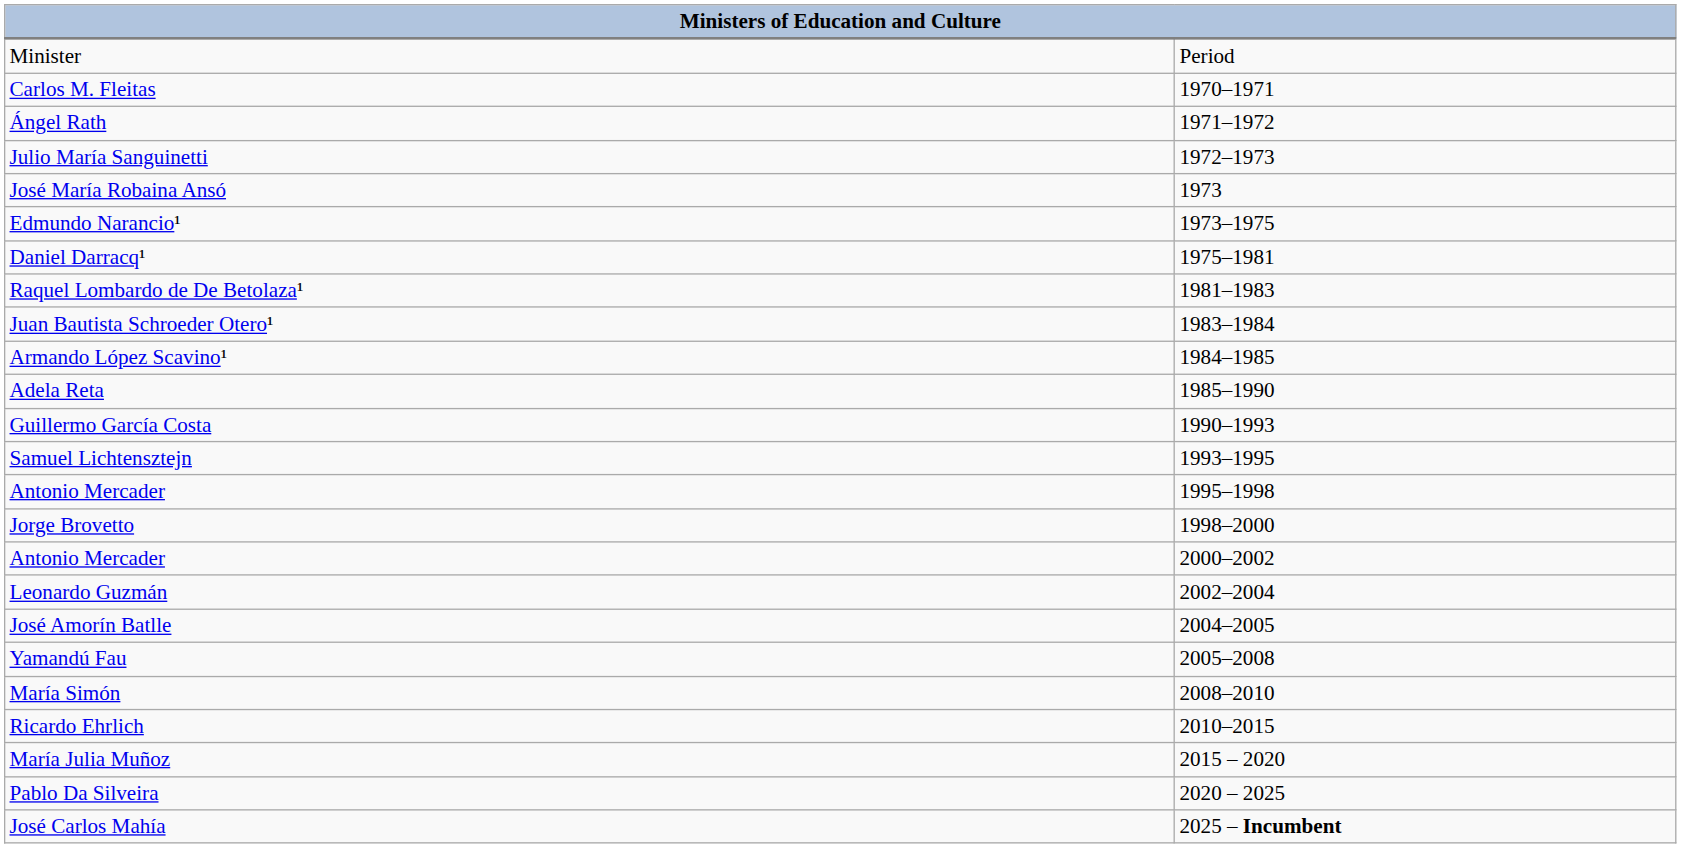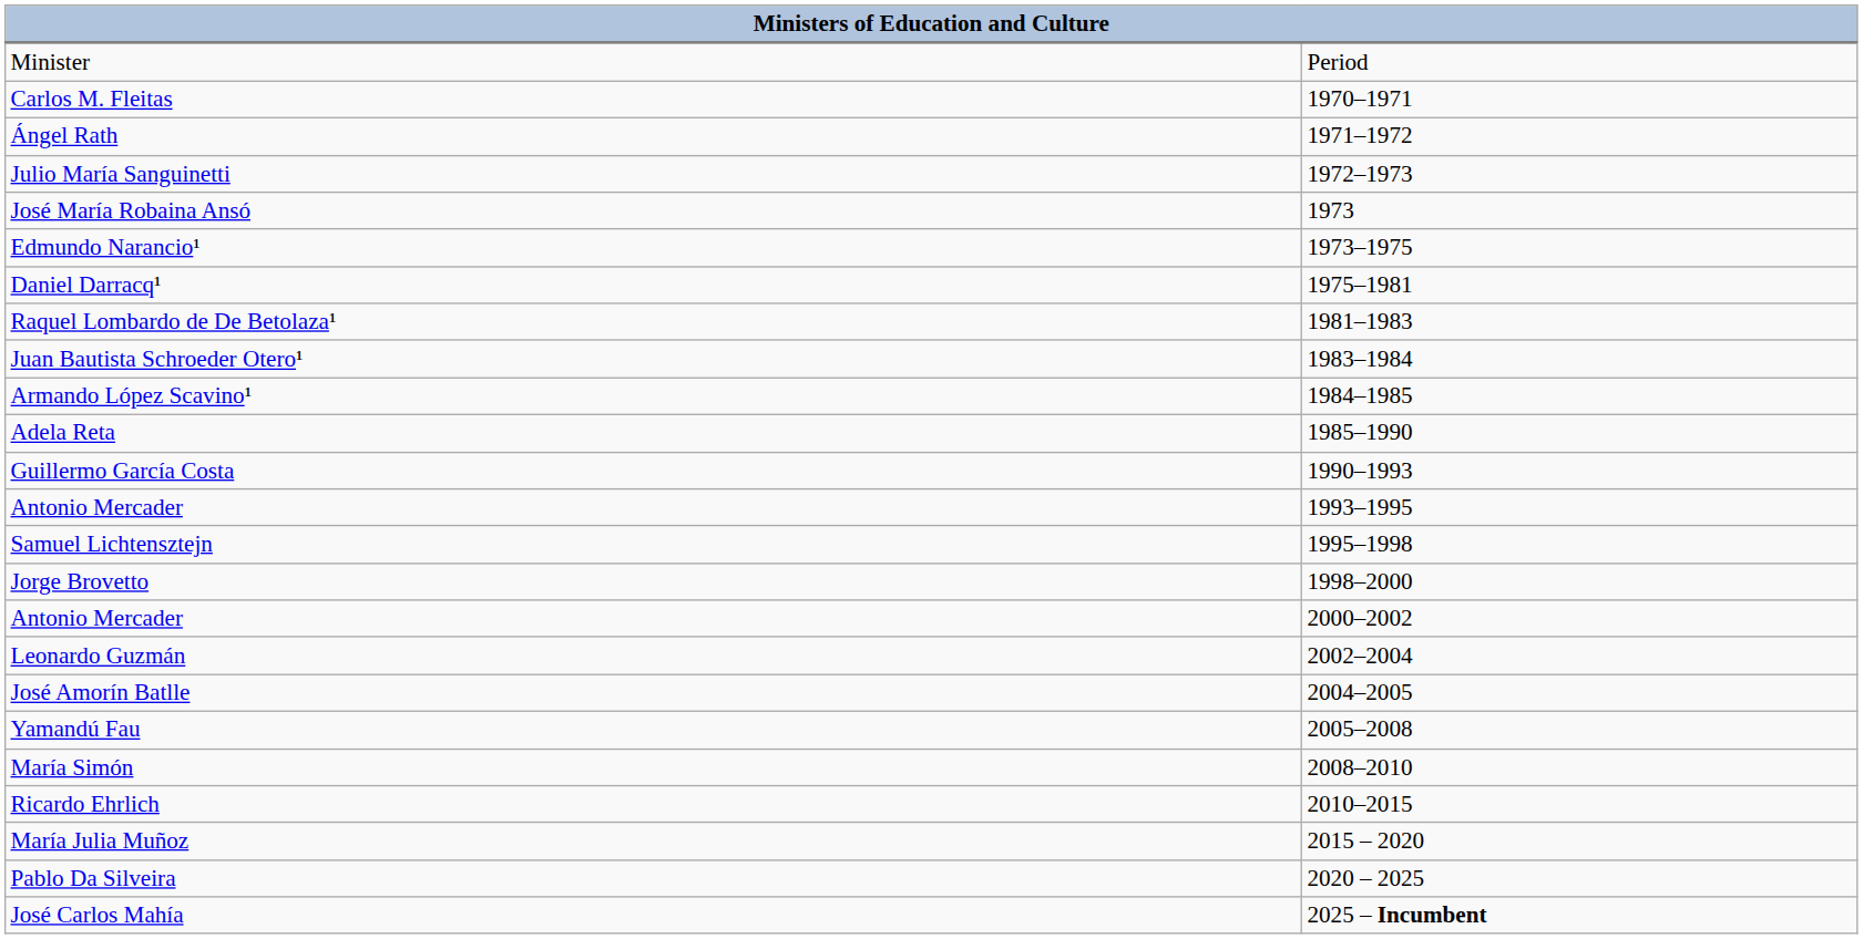 <table class="wikitable" width=80%>
 <tr>
 <td style="text-align:center; border-bottom:2px solid gray;" bgcolor="lightsteelblue" colspan="2"><strong>Ministers of Education and Culture</strong></td>
 </tr>
 <tr>
 <td width=70%>Minister</td>
 <td>Period</td>
 </tr>
 <tr>
 <td><a href='#'>Carlos M. Fleitas</a></td>
 <td>1970–1971</td>
 </tr>
 <tr>
 <td><a href='#'>Ángel Rath</a></td>
 <td>1971–1972</td>
 </tr>
 <tr>
 <td><a href='#'>Julio María Sanguinetti</a></td>
 <td>1972–1973</td>
 </tr>
 <tr>
 <td><a href='#'>José María Robaina Ansó</a></td>
 <td>1973</td>
 </tr>
 <tr>
 <td><a href='#'>Edmundo Narancio</a>¹</td>
 <td>1973–1975</td>
 </tr>
 <tr>
 <td><a href='#'>Daniel Darracq</a>¹</td>
 <td>1975–1981</td>
 </tr>
 <tr>
 <td><a href='#'>Raquel Lombardo de De Betolaza</a>¹</td>
 <td>1981–1983</td>
 </tr>
 <tr>
 <td><a href='#'>Juan Bautista Schroeder Otero</a>¹</td>
 <td>1983–1984</td>
 </tr>
 <tr>
 <td><a href='#'>Armando López Scavino</a>¹</td>
 <td>1984–1985</td>
 </tr>
 <tr>
 <td><a href='#'>Adela Reta</a></td>
 <td>1985–1990</td>
 </tr>
 <tr>
 <td><a href='#'>Guillermo García Costa</a></td>
 <td>1990–1993</td>
 </tr>
 <tr>
-<td><a href='#'>Samuel Lichtensztejn</a></td>
+<td><a href='#'>Antonio Mercader</a></td>
 <td>1993–1995</td>
 </tr>
 <tr>
-<td><a href='#'>Antonio Mercader</a></td>
+<td><a href='#'>Samuel Lichtensztejn</a></td>
 <td>1995–1998</td>
 </tr>
 <tr>
 <td><a href='#'>Jorge Brovetto</a></td>
 <td>1998–2000</td>
 </tr>
 <tr>
 <td><a href='#'>Antonio Mercader</a></td>
 <td>2000–2002</td>
 </tr>
 <tr>
 <td><a href='#'>Leonardo Guzmán</a></td>
 <td>2002–2004</td>
 </tr>
 <tr>
 <td><a href='#'>José Amorín Batlle</a></td>
 <td>2004–2005</td>
 </tr>
 <tr>
 <td><a href='#'>Yamandú Fau</a></td>
 <td>2005–2008</td>
 </tr>
 <tr>
 <td><a href='#'>María Simón</a></td>
 <td>2008–2010</td>
 </tr>
 <tr>
 <td><a href='#'>Ricardo Ehrlich</a></td>
 <td>2010–2015</td>
 </tr>
 <tr>
 <td><a href='#'>María Julia Muñoz</a></td>
 <td>2015 – 2020</td>
 </tr>
 <tr>
 <td><a href='#'>Pablo Da Silveira</a></td>
 <td>2020 – 2025</td>
 </tr>
 <tr>
 <td><a href='#'>José Carlos Mahía</a></td>
 <td>2025 – <strong>Incumbent</strong></td>
 </tr>
 </table>
